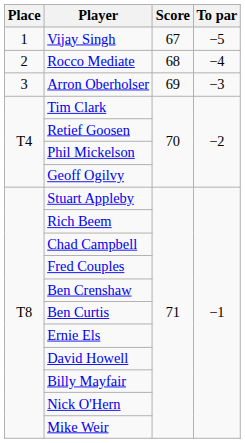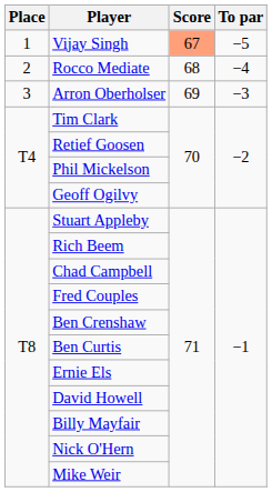 <table class="wikitable">
 <tr>
 <th>Place</th>
 <th>Player</th>
 <th>Score</th>
 <th>To par</th>
 </tr>
 <tr>
 <td align=center>1</td>
 <td> <a href='#'>Vijay Singh</a></td>
-<td align=center>67</td>
+<td align=center style="background: lightsalmon;">67</td>
 <td align=center>−5</td>
 </tr>
 <tr>
 <td align=center>2</td>
 <td> <a href='#'>Rocco Mediate</a></td>
 <td align=center>68</td>
 <td align=center>−4</td>
 </tr>
 <tr>
 <td align=center>3</td>
 <td> <a href='#'>Arron Oberholser</a></td>
 <td align=center>69</td>
 <td align=center>−3</td>
 </tr>
 <tr>
 <td rowspan="4" align=center>T4</td>
 <td> <a href='#'>Tim Clark</a></td>
 <td rowspan="4" align=center>70</td>
 <td rowspan="4" align=center>−2</td>
 </tr>
 <tr>
 <td> <a href='#'>Retief Goosen</a></td>
 </tr>
 <tr>
 <td> <a href='#'>Phil Mickelson</a></td>
 </tr>
 <tr>
 <td> <a href='#'>Geoff Ogilvy</a></td>
 </tr>
 <tr>
 <td rowspan="11" align=center>T8</td>
 <td> <a href='#'>Stuart Appleby</a></td>
 <td rowspan="11" align=center>71</td>
 <td rowspan="11" align=center>−1</td>
 </tr>
 <tr>
 <td> <a href='#'>Rich Beem</a></td>
 </tr>
 <tr>
 <td> <a href='#'>Chad Campbell</a></td>
 </tr>
 <tr>
 <td> <a href='#'>Fred Couples</a></td>
 </tr>
 <tr>
 <td> <a href='#'>Ben Crenshaw</a></td>
 </tr>
 <tr>
 <td> <a href='#'>Ben Curtis</a></td>
 </tr>
 <tr>
 <td> <a href='#'>Ernie Els</a></td>
 </tr>
 <tr>
 <td> <a href='#'>David Howell</a></td>
 </tr>
 <tr>
 <td> <a href='#'>Billy Mayfair</a></td>
 </tr>
 <tr>
 <td> <a href='#'>Nick O'Hern</a></td>
 </tr>
 <tr>
 <td> <a href='#'>Mike Weir</a></td>
 </tr>
 </table>
